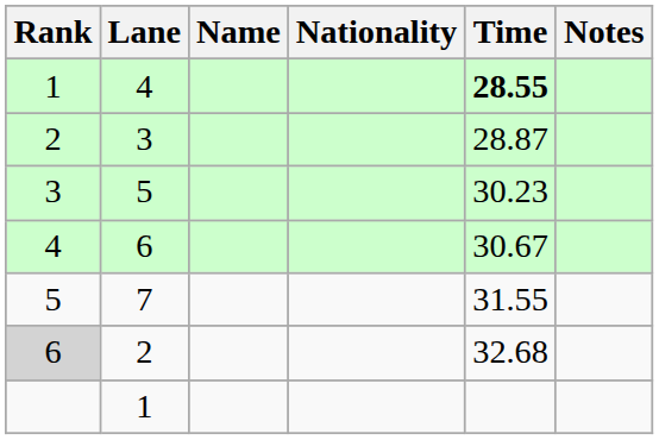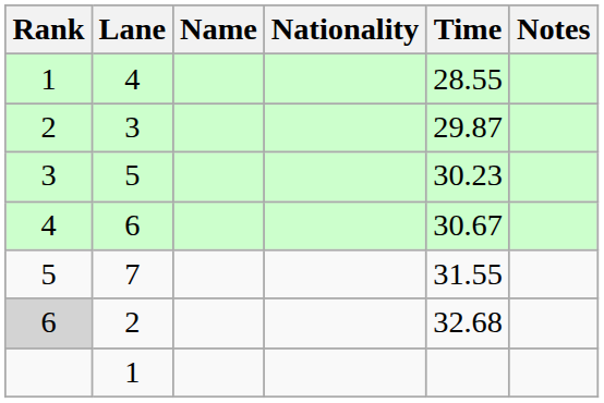 <table class="wikitable sortable" style="text-align:center">
 <tr>
 <th>Rank</th>
 <th>Lane</th>
 <th>Name</th>
 <th>Nationality</th>
 <th>Time</th>
 <th>Notes</th>
 </tr>
 <tr bgcolor=ccffcc>
 <td>1</td>
 <td>4</td>
 <td align=left></td>
 <td align=left></td>
-<td><strong>28.55</strong></td>
+<td>28.55</td>
 <td><strong></strong></td>
 </tr>
 <tr bgcolor=ccffcc>
 <td>2</td>
 <td>3</td>
 <td align=left></td>
 <td align=left></td>
-<td>28.87</td>
+<td>29.87</td>
 <td><strong></strong></td>
 </tr>
 <tr bgcolor=ccffcc>
 <td>3</td>
 <td>5</td>
 <td align=left></td>
 <td align=left></td>
 <td>30.23</td>
 <td><strong></strong></td>
 </tr>
 <tr bgcolor=ccffcc>
 <td>4</td>
 <td>6</td>
 <td align=left></td>
 <td align=left></td>
 <td>30.67</td>
 <td><strong></strong></td>
 </tr>
 <tr>
 <td>5</td>
 <td>7</td>
 <td align=left></td>
 <td align=left></td>
 <td>31.55</td>
 <td></td>
 </tr>
 <tr>
 <td style="background: lightgrey;">6</td>
 <td>2</td>
 <td align=left></td>
 <td align=left></td>
 <td>32.68</td>
 <td></td>
 </tr>
 <tr>
 <td></td>
 <td>1</td>
 <td align=left></td>
 <td align=left></td>
 <td></td>
 <td><strong></strong></td>
 </tr>
 </table>
